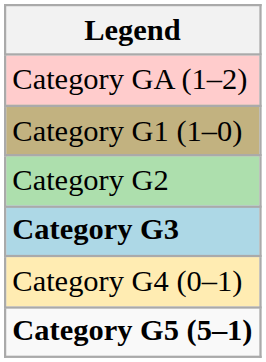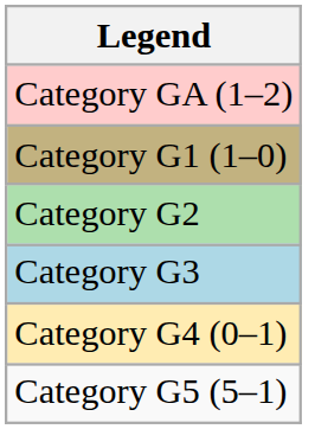 <table class="sortable wikitable" style=font-size:85%>
 <tr>
 <th>Legend</th>
 </tr>
 <tr bgcolor="#fcc">
 <td>Category GA (1–2)</td>
 </tr>
 <tr bgcolor=#c2b280>
 <td>Category G1 (1–0)</td>
 </tr>
 <tr bgcolor=#addfad>
 <td>Category G2</td>
 </tr>
 <tr bgcolor=lightblue>
-<td><strong>Category G3</strong></td>
+<td>Category G3</td>
 </tr>
 <tr bgcolor=#ffecb2>
 <td>Category G4 (0–1)</td>
 </tr>
 <tr>
-<td><strong>Category G5 (5–1)</strong></td>
+<td>Category G5 (5–1)</td>
 </tr>
 </table>
